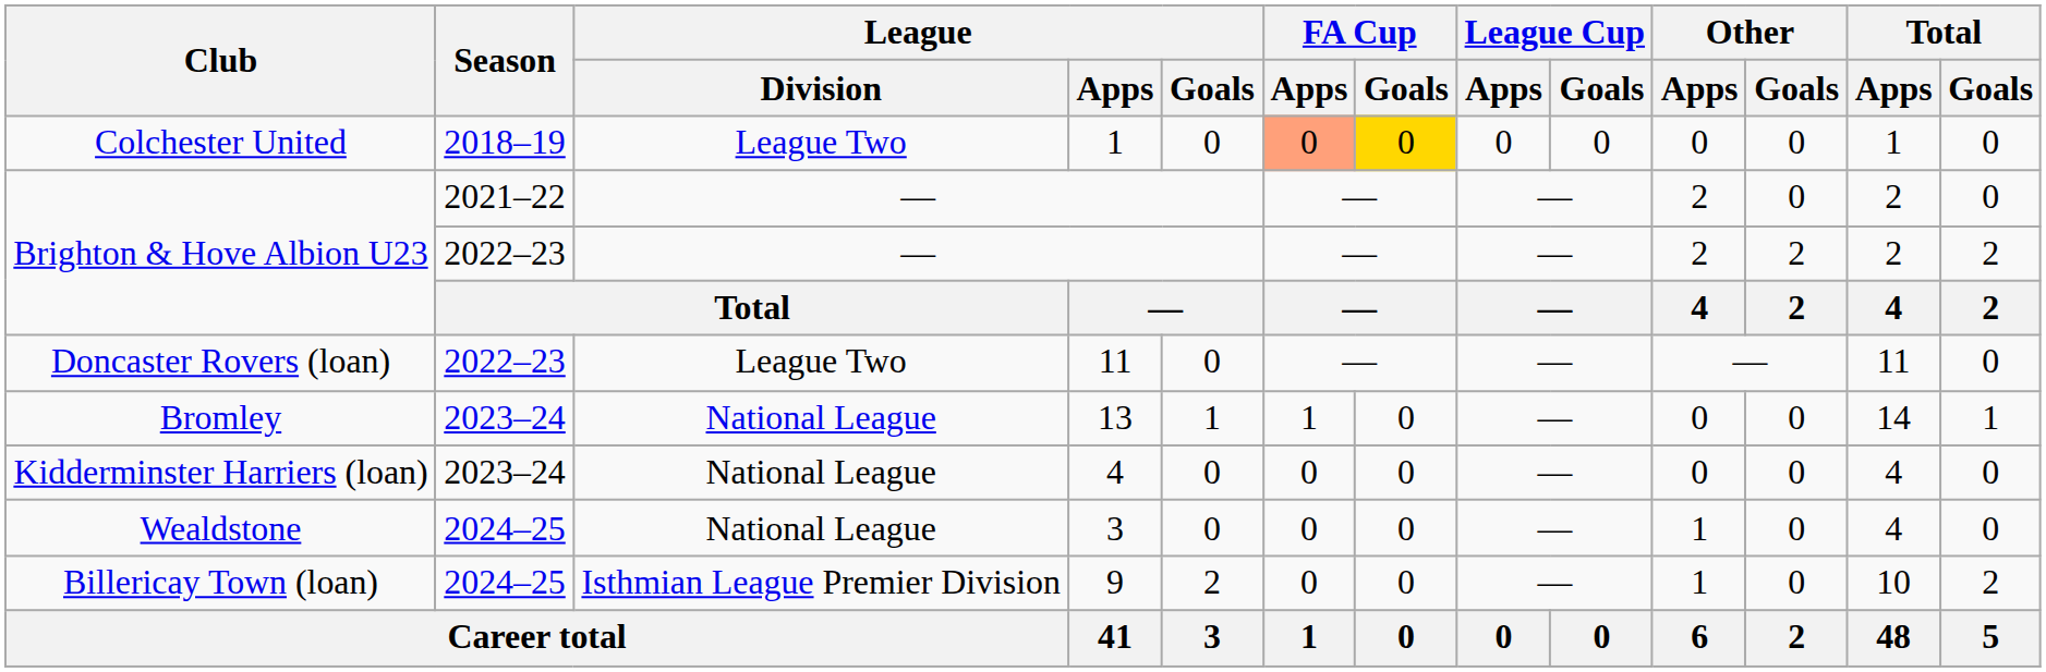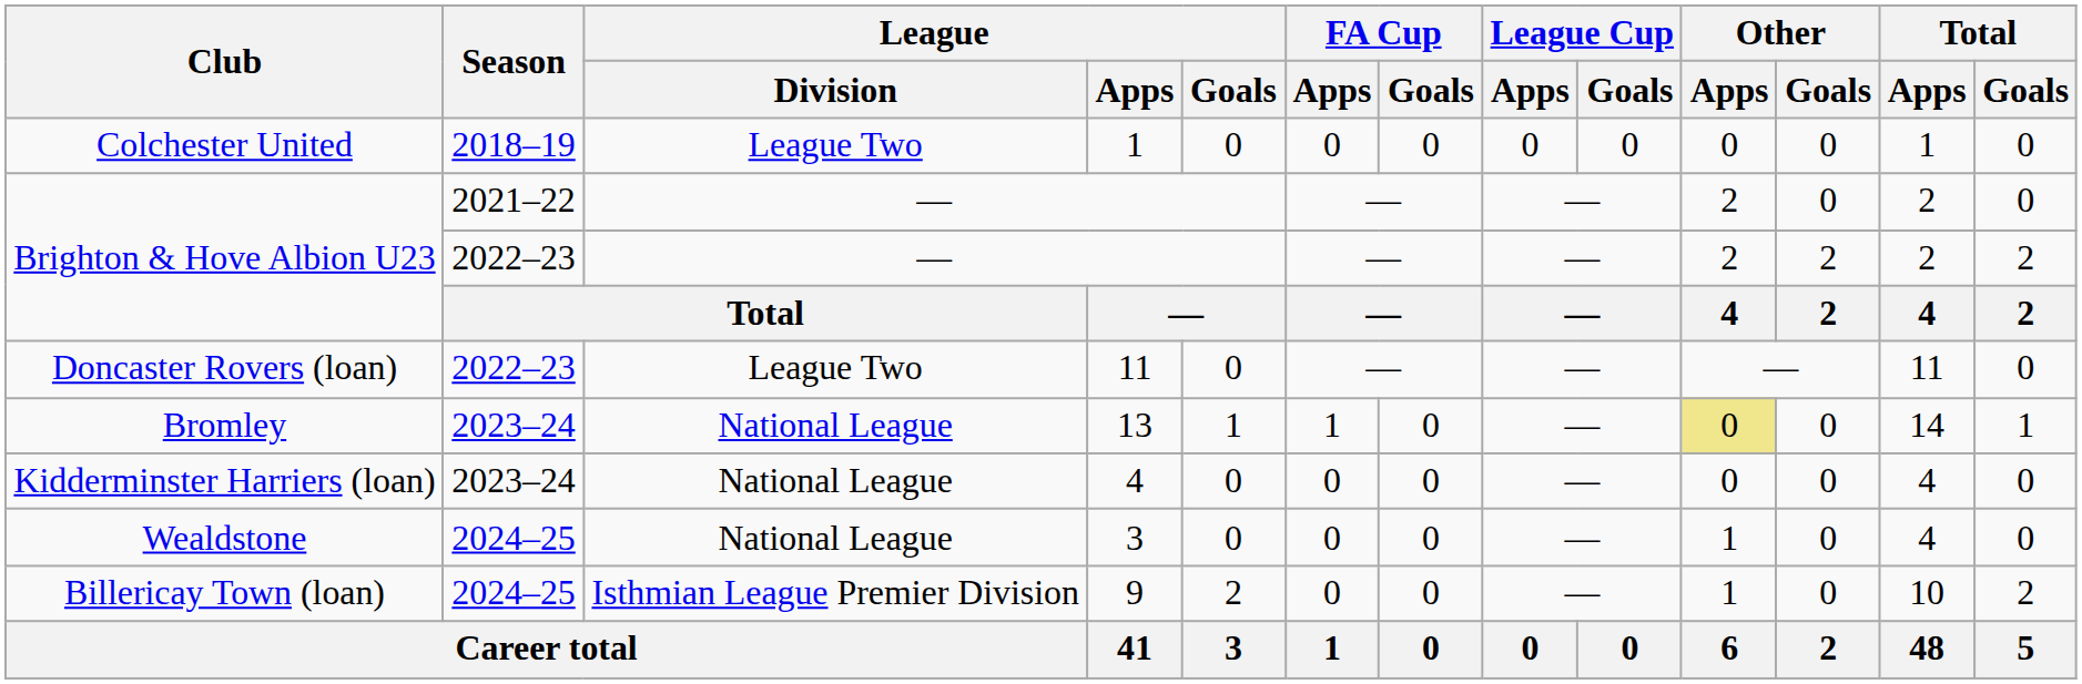 <table class="wikitable" style="text-align: center;">
 <tr>
 <th rowspan=2>Club</th>
 <th rowspan=2>Season</th>
 <th colspan=3>League</th>
 <th colspan=2><a href='#'>FA Cup</a></th>
 <th colspan=2><a href='#'>League Cup</a></th>
 <th colspan=2>Other</th>
 <th colspan=2>Total</th>
 </tr>
 <tr>
 <th>Division</th>
 <th>Apps</th>
 <th>Goals</th>
 <th>Apps</th>
 <th>Goals</th>
 <th>Apps</th>
 <th>Goals</th>
 <th>Apps</th>
 <th>Goals</th>
 <th>Apps</th>
 <th>Goals</th>
 </tr>
 <tr>
 <td><a href='#'>Colchester United</a></td>
 <td><a href='#'>2018–19</a></td>
 <td><a href='#'>League Two</a></td>
 <td>1</td>
 <td>0</td>
-<td style="background: lightsalmon;">0</td>
-<td style="background: gold;">0</td>
+<td>0</td>
+<td>0</td>
 <td>0</td>
 <td>0</td>
 <td>0</td>
 <td>0</td>
 <td>1</td>
 <td>0</td>
 </tr>
 <tr>
 <td rowspan="3"><a href='#'>Brighton & Hove Albion U23</a></td>
 <td>2021–22</td>
 <td colspan="3">—</td>
 <td colspan="2">—</td>
 <td colspan="2">—</td>
 <td>2</td>
 <td>0</td>
 <td>2</td>
 <td>0</td>
 </tr>
 <tr>
 <td>2022–23</td>
 <td colspan="3">—</td>
 <td colspan="2">—</td>
 <td colspan="2">—</td>
 <td>2</td>
 <td>2</td>
 <td>2</td>
 <td>2</td>
 </tr>
 <tr>
 <th colspan=2>Total</th>
 <th colspan=2>—</th>
 <th colspan=2>—</th>
 <th colspan=2>—</th>
 <th>4</th>
 <th>2</th>
 <th>4</th>
 <th>2</th>
 </tr>
 <tr>
 <td><a href='#'>Doncaster Rovers</a> (loan)</td>
 <td><a href='#'>2022–23</a></td>
 <td>League Two</td>
 <td>11</td>
 <td>0</td>
 <td colspan="2">—</td>
 <td colspan="2">—</td>
 <td colspan="2">—</td>
 <td>11</td>
 <td>0</td>
 </tr>
 <tr>
 <td><a href='#'>Bromley</a></td>
 <td><a href='#'>2023–24</a></td>
 <td><a href='#'>National League</a></td>
 <td>13</td>
 <td>1</td>
 <td>1</td>
 <td>0</td>
 <td colspan="2">—</td>
-<td>0</td>
+<td style="background: khaki;">0</td>
 <td>0</td>
 <td>14</td>
 <td>1</td>
 </tr>
 <tr>
 <td><a href='#'>Kidderminster Harriers</a> (loan)</td>
 <td>2023–24</td>
 <td>National League</td>
 <td>4</td>
 <td>0</td>
 <td>0</td>
 <td>0</td>
 <td colspan="2">—</td>
 <td>0</td>
 <td>0</td>
 <td>4</td>
 <td>0</td>
 </tr>
 <tr>
 <td><a href='#'>Wealdstone</a></td>
 <td><a href='#'>2024–25</a></td>
 <td>National League</td>
 <td>3</td>
 <td>0</td>
 <td>0</td>
 <td>0</td>
 <td colspan="2">—</td>
 <td>1</td>
 <td>0</td>
 <td>4</td>
 <td>0</td>
 </tr>
 <tr>
 <td><a href='#'>Billericay Town</a> (loan)</td>
 <td><a href='#'>2024–25</a></td>
 <td><a href='#'>Isthmian League</a> Premier Division</td>
 <td>9</td>
 <td>2</td>
 <td>0</td>
 <td>0</td>
 <td colspan="2">—</td>
 <td>1</td>
 <td>0</td>
 <td>10</td>
 <td>2</td>
 </tr>
 <tr>
 <th colspan="3">Career total</th>
 <th>41</th>
 <th>3</th>
 <th>1</th>
 <th>0</th>
 <th>0</th>
 <th>0</th>
 <th>6</th>
 <th>2</th>
 <th>48</th>
 <th>5</th>
 </tr>
 </table>
